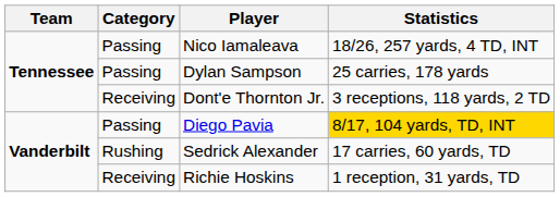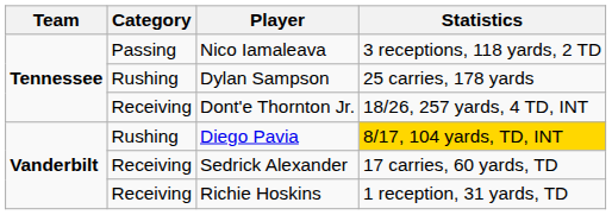 <table class="wikitable" style="float: right;">
 <tr>
 <th>Team</th>
 <th>Category</th>
 <th>Player</th>
 <th>Statistics</th>
 </tr>
 <tr>
 <td rowspan=3><strong>Tennessee</strong></td>
 <td>Passing</td>
 <td>Nico Iamaleava</td>
-<td>18/26, 257 yards, 4 TD, INT</td>
+<td>3 receptions, 118 yards, 2 TD</td>
 </tr>
 <tr>
-<td>Passing</td>
+<td>Rushing</td>
 <td>Dylan Sampson</td>
 <td>25 carries, 178 yards</td>
 </tr>
 <tr>
 <td>Receiving</td>
 <td>Dont'e Thornton Jr.</td>
-<td>3 receptions, 118 yards, 2 TD</td>
+<td>18/26, 257 yards, 4 TD, INT</td>
 </tr>
 <tr>
 <td rowspan=3><strong>Vanderbilt</strong></td>
-<td>Passing</td>
+<td>Rushing</td>
 <td><a href='#'>Diego Pavia</a></td>
 <td style="background: gold;">8/17, 104 yards, TD, INT</td>
 </tr>
 <tr>
-<td>Rushing</td>
+<td>Receiving</td>
 <td>Sedrick Alexander</td>
 <td>17 carries, 60 yards, TD</td>
 </tr>
 <tr>
 <td>Receiving</td>
 <td>Richie Hoskins</td>
 <td>1 reception, 31 yards, TD</td>
 </tr>
 </table>
